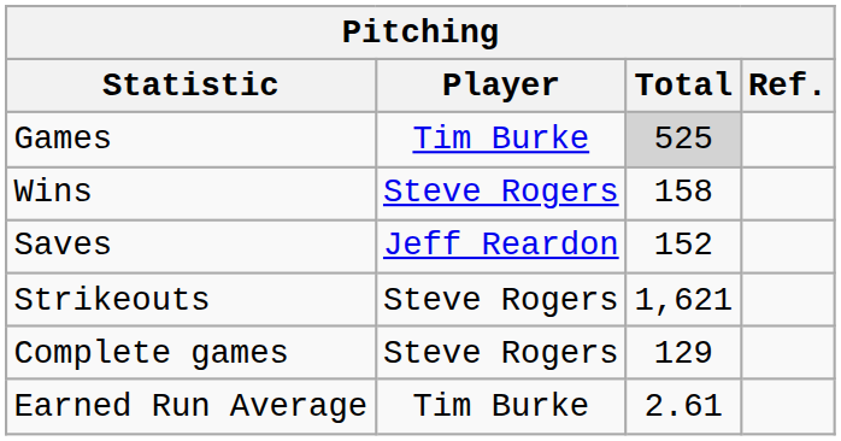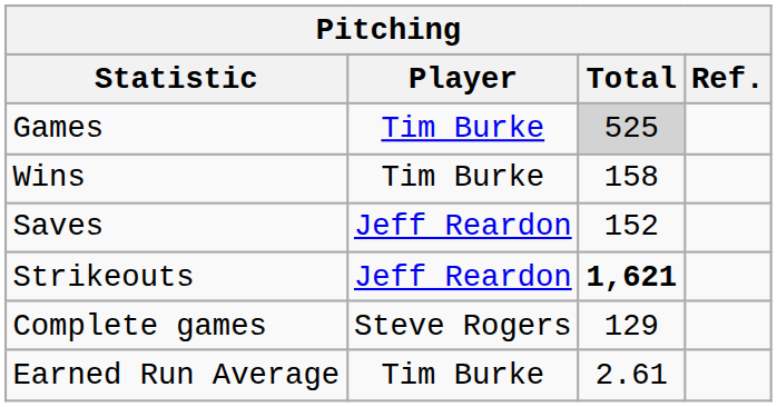 <table class="wikitable" style="text-align:center">
 <tr>
 <th colspan=5>Pitching</th>
 </tr>
 <tr>
 <th align="left">Statistic</th>
 <th>Player</th>
 <th>Total</th>
 <th>Ref.</th>
 </tr>
 <tr>
 <td align="left">Games</td>
 <td><a href='#'>Tim Burke</a></td>
 <td style="background: lightgrey;">525</td>
 <td></td>
 </tr>
 <tr>
 <td align="left">Wins</td>
-<td><a href='#'>Steve Rogers</a></td>
+<td>Tim Burke</td>
 <td>158</td>
 <td></td>
 </tr>
 <tr>
 <td align="left">Saves</td>
 <td><a href='#'>Jeff Reardon</a></td>
 <td>152</td>
 <td></td>
 </tr>
 <tr>
 <td align="left">Strikeouts</td>
-<td>Steve Rogers</td>
-<td>1,621</td>
+<td><a href='#'>Jeff Reardon</a></td>
+<td><strong>1,621</strong></td>
 <td></td>
 </tr>
 <tr>
 <td align="left">Complete games</td>
 <td>Steve Rogers</td>
 <td>129</td>
 <td></td>
 </tr>
 <tr>
 <td align="left">Earned Run Average<br></td>
 <td>Tim Burke</td>
 <td>2.61</td>
 <td></td>
 </tr>
 </table>
